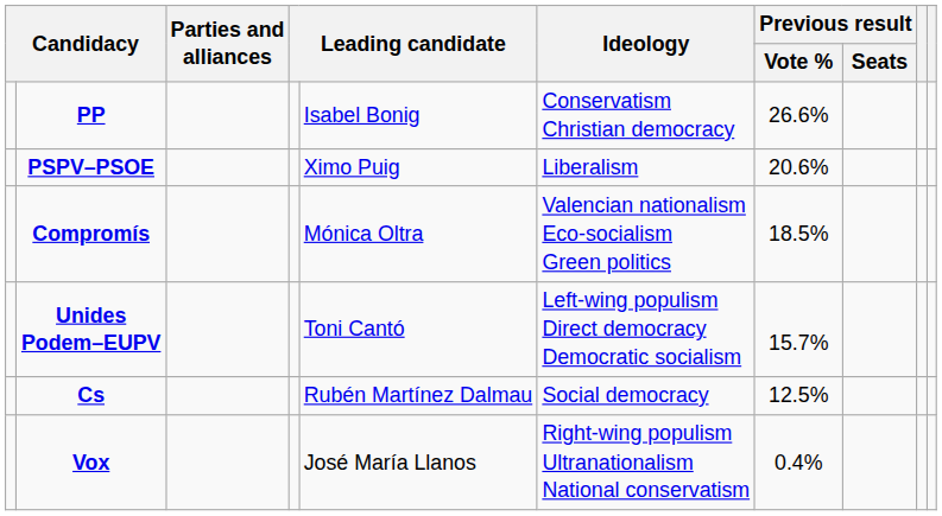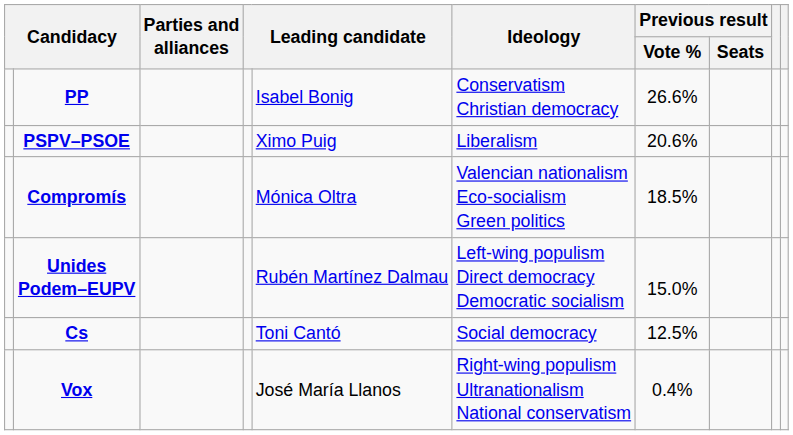 <table class="wikitable" style="line-height:1.35em; text-align:left;">
 <tr>
 <th colspan="2" rowspan="2">Candidacy</th>
 <th rowspan="2">Parties and<br>alliances</th>
 <th colspan="2" rowspan="2">Leading candidate</th>
 <th rowspan="2">Ideology</th>
 <th colspan="2">Previous result</th>
 <th rowspan="2"></th>
 <th rowspan="2"></th>
 </tr>
 <tr>
 <th>Vote %</th>
 <th>Seats</th>
 </tr>
 <tr>
 <td width="1" style="color:inherit;background:"></td>
 <td align="center"><strong><a href='#'>PP</a></strong></td>
 <td></td>
 <td></td>
 <td><a href='#'>Isabel Bonig</a></td>
 <td><a href='#'>Conservatism</a><br><a href='#'>Christian democracy</a></td>
 <td align="center">26.6%</td>
 <td></td>
 <td></td>
 <td></td>
 </tr>
 <tr>
 <td style="color:inherit;background:"></td>
 <td align="center"><strong><a href='#'>PSPV–PSOE</a></strong></td>
 <td></td>
 <td></td>
 <td><a href='#'>Ximo Puig</a></td>
 <td><a href='#'>Liberalism</a></td>
 <td align="center">20.6%</td>
 <td></td>
 <td></td>
 <td></td>
 </tr>
 <tr>
 <td style="color:inherit;background:"></td>
 <td align="center"><strong><a href='#'>Compromís</a></strong></td>
 <td></td>
 <td></td>
 <td><a href='#'>Mónica Oltra</a></td>
 <td><a href='#'>Valencian nationalism</a><br><a href='#'>Eco-socialism</a><br><a href='#'>Green politics</a></td>
 <td align="center">18.5%</td>
 <td></td>
 <td></td>
 <td></td>
 </tr>
 <tr>
 <td style="color:inherit;background:"></td>
 <td align="center"><strong><a href='#'>Unides<br>Podem–EUPV</a></strong></td>
 <td></td>
 <td></td>
-<td><a href='#'>Toni Cantó</a></td>
+<td><a href='#'>Rubén Martínez Dalmau</a></td>
 <td><a href='#'>Left-wing populism</a><br><a href='#'>Direct democracy</a><br><a href='#'>Democratic socialism</a></td>
-<td align="center"><br>15.7%<br></td>
+<td align="center"><br>15.0%<br></td>
 <td></td>
 <td></td>
 <td><br></td>
 </tr>
 <tr>
 <td style="color:inherit;background:"></td>
 <td align="center"><strong><a href='#'>Cs</a></strong></td>
 <td></td>
 <td></td>
-<td><a href='#'>Rubén Martínez Dalmau</a></td>
+<td><a href='#'>Toni Cantó</a></td>
 <td><a href='#'>Social democracy</a></td>
 <td align="center">12.5%</td>
 <td></td>
 <td></td>
 <td></td>
 </tr>
 <tr>
 <td style="color:inherit;background:"></td>
 <td align="center"><strong><a href='#'>Vox</a></strong></td>
 <td></td>
 <td></td>
 <td>José María Llanos</td>
 <td><a href='#'>Right-wing populism</a><br><a href='#'>Ultranationalism</a><br><a href='#'>National conservatism</a></td>
 <td align="center">0.4%</td>
 <td></td>
 <td></td>
 <td></td>
 </tr>
 </table>
